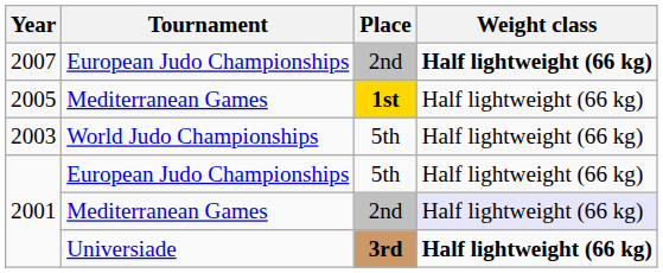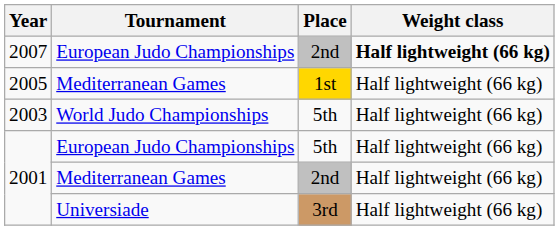 <table class="wikitable" style="font-size:95%;">
 <tr>
 <th>Year</th>
 <th>Tournament</th>
 <th>Place</th>
 <th>Weight class</th>
 </tr>
 <tr>
 <td>2007</td>
 <td><a href='#'>European Judo Championships</a></td>
 <td bgcolor="silver" align="center">2nd</td>
 <td><strong>Half lightweight (66 kg)</strong></td>
 </tr>
 <tr>
 <td>2005</td>
 <td><a href='#'>Mediterranean Games</a></td>
-<td bgcolor="gold" align="center"><strong>1st</strong></td>
+<td bgcolor="gold" align="center">1st</td>
 <td>Half lightweight (66 kg)</td>
 </tr>
 <tr>
 <td>2003</td>
 <td><a href='#'>World Judo Championships</a></td>
 <td align="center">5th</td>
 <td>Half lightweight (66 kg)</td>
 </tr>
 <tr>
 <td rowspan=3>2001</td>
 <td><a href='#'>European Judo Championships</a></td>
 <td align="center">5th</td>
 <td>Half lightweight (66 kg)</td>
 </tr>
 <tr>
 <td><a href='#'>Mediterranean Games</a></td>
 <td bgcolor="silver" align="center">2nd</td>
-<td style="background: lavender;">Half lightweight (66 kg)</td>
+<td>Half lightweight (66 kg)</td>
 </tr>
 <tr>
 <td><a href='#'>Universiade</a></td>
-<td bgcolor="cc9966" align="center"><strong>3rd</strong></td>
-<td><strong>Half lightweight (66 kg)</strong></td>
+<td bgcolor="cc9966" align="center">3rd</td>
+<td>Half lightweight (66 kg)</td>
 </tr>
 </table>
